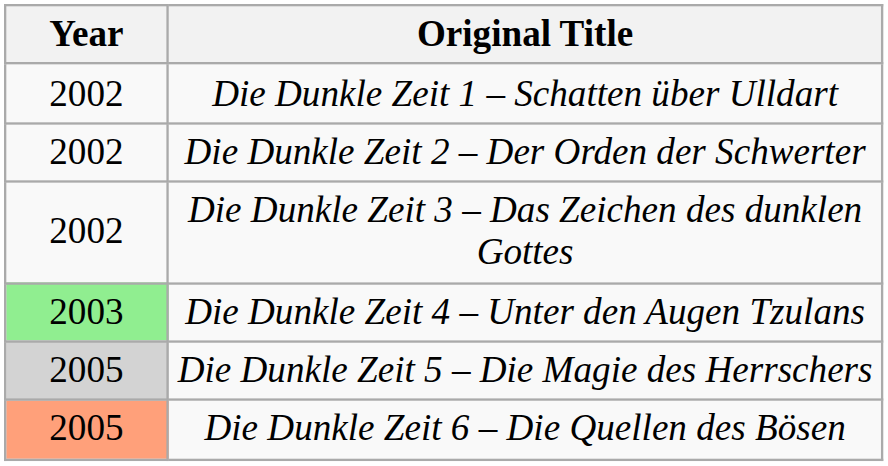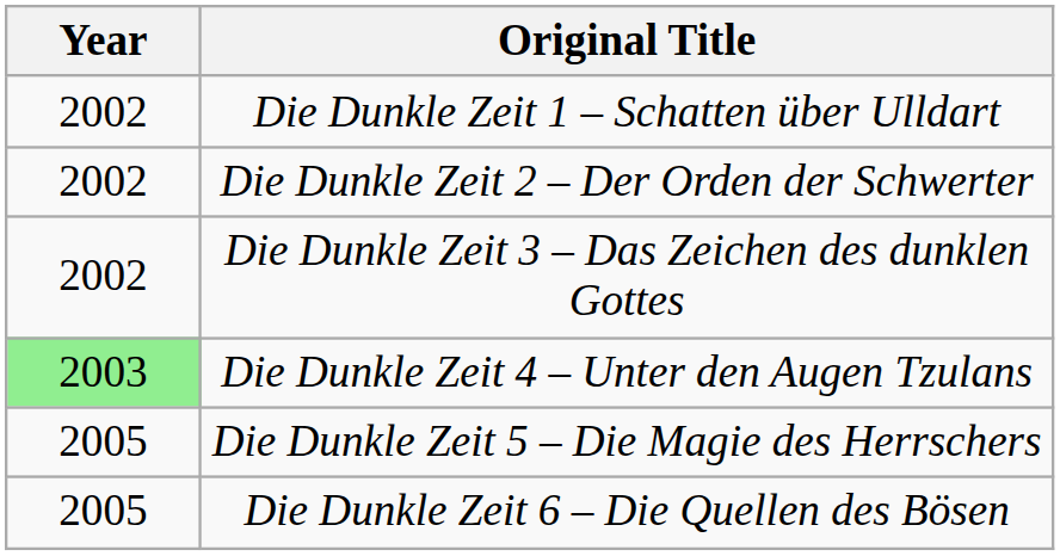 <table class="wikitable"  style="text-align:center; width:30%;">
 <tr>
 <th style="text-align:center; width:10%;">Year</th>
 <th style="text-align:center; width:45%;">Original Title</th>
 </tr>
 <tr>
 <td>2002</td>
 <td><em>Die Dunkle Zeit 1 – Schatten über Ulldart</em></td>
 </tr>
 <tr>
 <td>2002</td>
 <td><em>Die Dunkle Zeit 2 – Der Orden der Schwerter</em></td>
 </tr>
 <tr>
 <td>2002</td>
 <td><em>Die Dunkle Zeit 3 – Das Zeichen des dunklen Gottes</em></td>
 </tr>
 <tr>
 <td style="background: lightgreen;">2003</td>
 <td><em>Die Dunkle Zeit 4 – Unter den Augen Tzulans</em></td>
 </tr>
 <tr>
-<td style="background: lightgrey;">2005</td>
+<td>2005</td>
 <td><em>Die Dunkle Zeit 5 – Die Magie des Herrschers</em></td>
 </tr>
 <tr>
-<td style="background: lightsalmon;">2005</td>
+<td>2005</td>
 <td><em>Die Dunkle Zeit 6 – Die Quellen des Bösen</em></td>
 </tr>
 </table>
